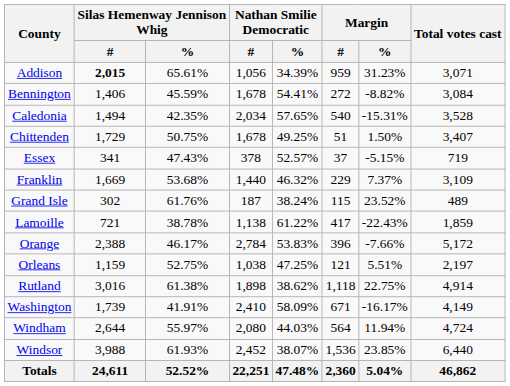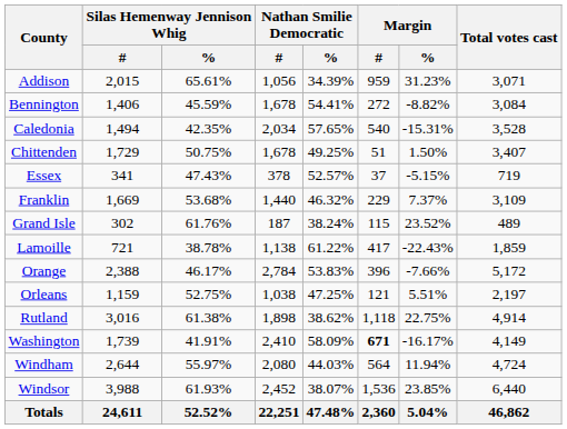 <table class="wikitable sortable" style="text-align:center">
 <tr>
 <th style="text-align:center;" rowspan="2">County</th>
 <th style="text-align:center;" colspan="2">Silas Hemenway Jennison<br>Whig</th>
 <th style="text-align:center;" colspan="2">Nathan Smilie<br>Democratic</th>
 <th style="text-align:center;" colspan="2">Margin</th>
 <th style="text-align:center;" rowspan="2">Total votes cast</th>
 </tr>
 <tr>
 <th data-sort-type="number">#</th>
 <th data-sort-type="number">%</th>
 <th data-sort-type="number">#</th>
 <th data-sort-type="number">%</th>
 <th data-sort-type="number">#</th>
 <th data-sort-type="number">%</th>
 </tr>
 <tr style="text-align:center;">
 <td><a href='#'>Addison</a></td>
-<td><strong>2,015</strong></td>
+<td>2,015</td>
 <td>65.61%</td>
 <td>1,056</td>
 <td>34.39%</td>
 <td>959</td>
 <td>31.23%</td>
 <td>3,071</td>
 </tr>
 <tr style="text-align:center;">
 <td><a href='#'>Bennington</a></td>
 <td>1,406</td>
 <td>45.59%</td>
 <td>1,678</td>
 <td>54.41%</td>
 <td>272</td>
 <td>-8.82%</td>
 <td>3,084</td>
 </tr>
 <tr style="text-align:center;">
 <td><a href='#'>Caledonia</a></td>
 <td>1,494</td>
 <td>42.35%</td>
 <td>2,034</td>
 <td>57.65%</td>
 <td>540</td>
 <td>-15.31%</td>
 <td>3,528</td>
 </tr>
 <tr style="text-align:center;">
 <td><a href='#'>Chittenden</a></td>
 <td>1,729</td>
 <td>50.75%</td>
 <td>1,678</td>
 <td>49.25%</td>
 <td>51</td>
 <td>1.50%</td>
 <td>3,407</td>
 </tr>
 <tr style="text-align:center;">
 <td><a href='#'>Essex</a></td>
 <td>341</td>
 <td>47.43%</td>
 <td>378</td>
 <td>52.57%</td>
 <td>37</td>
 <td>-5.15%</td>
 <td>719</td>
 </tr>
 <tr style="text-align:center;">
 <td><a href='#'>Franklin</a></td>
 <td>1,669</td>
 <td>53.68%</td>
 <td>1,440</td>
 <td>46.32%</td>
 <td>229</td>
 <td>7.37%</td>
 <td>3,109</td>
 </tr>
 <tr style="text-align:center;">
 <td><a href='#'>Grand Isle</a></td>
 <td>302</td>
 <td>61.76%</td>
 <td>187</td>
 <td>38.24%</td>
 <td>115</td>
 <td>23.52%</td>
 <td>489</td>
 </tr>
 <tr style="text-align:center;">
 <td><a href='#'>Lamoille</a></td>
 <td>721</td>
 <td>38.78%</td>
 <td>1,138</td>
 <td>61.22%</td>
 <td>417</td>
 <td>-22.43%</td>
 <td>1,859</td>
 </tr>
 <tr style="text-align:center;">
 <td><a href='#'>Orange</a></td>
 <td>2,388</td>
 <td>46.17%</td>
 <td>2,784</td>
 <td>53.83%</td>
 <td>396</td>
 <td>-7.66%</td>
 <td>5,172</td>
 </tr>
 <tr style="text-align:center;">
 <td><a href='#'>Orleans</a></td>
 <td>1,159</td>
 <td>52.75%</td>
 <td>1,038</td>
 <td>47.25%</td>
 <td>121</td>
 <td>5.51%</td>
 <td>2,197</td>
 </tr>
 <tr style="text-align:center;">
 <td><a href='#'>Rutland</a></td>
 <td>3,016</td>
 <td>61.38%</td>
 <td>1,898</td>
 <td>38.62%</td>
 <td>1,118</td>
 <td>22.75%</td>
 <td>4,914</td>
 </tr>
 <tr style="text-align:center;">
 <td><a href='#'>Washington</a></td>
 <td>1,739</td>
 <td>41.91%</td>
 <td>2,410</td>
 <td>58.09%</td>
-<td>671</td>
+<td><strong>671</strong></td>
 <td>-16.17%</td>
 <td>4,149</td>
 </tr>
 <tr style="text-align:center;">
 <td><a href='#'>Windham</a></td>
 <td>2,644</td>
 <td>55.97%</td>
 <td>2,080</td>
 <td>44.03%</td>
 <td>564</td>
 <td>11.94%</td>
 <td>4,724</td>
 </tr>
 <tr style="text-align:center;">
 <td><a href='#'>Windsor</a></td>
 <td>3,988</td>
 <td>61.93%</td>
 <td>2,452</td>
 <td>38.07%</td>
 <td>1,536</td>
 <td>23.85%</td>
 <td>6,440</td>
 </tr>
 <tr style="text-align:center;">
 <th>Totals</th>
 <th>24,611</th>
 <th>52.52%</th>
 <th>22,251</th>
 <th>47.48%</th>
 <th>2,360</th>
 <th>5.04%</th>
 <th>46,862</th>
 </tr>
 </table>
